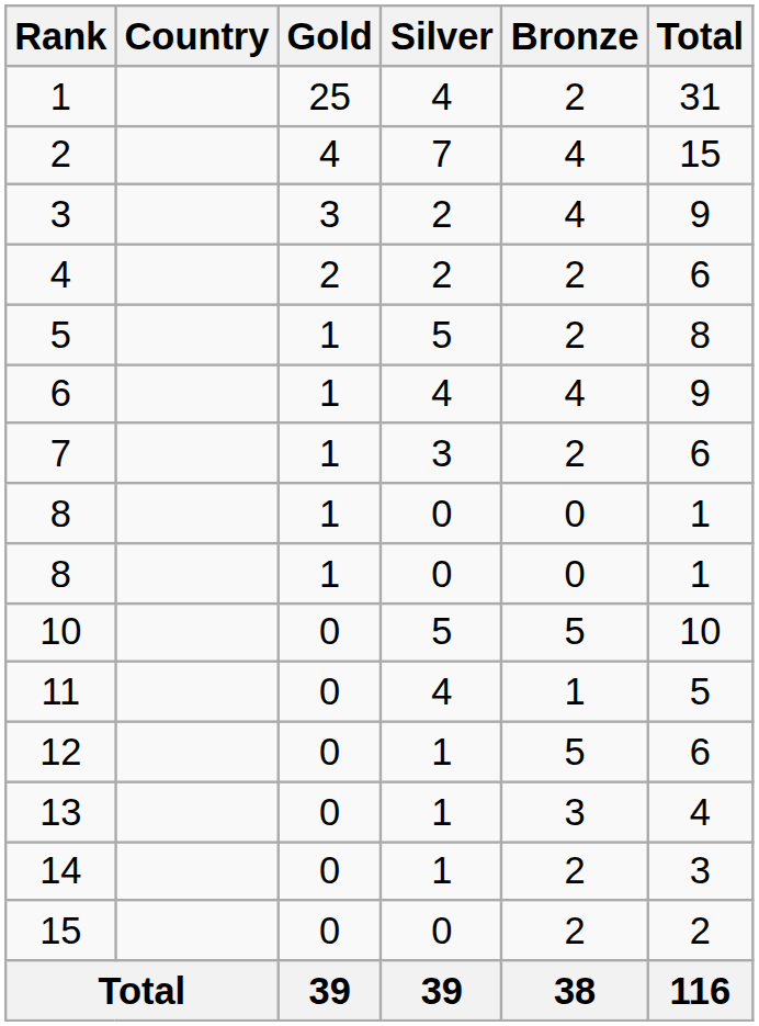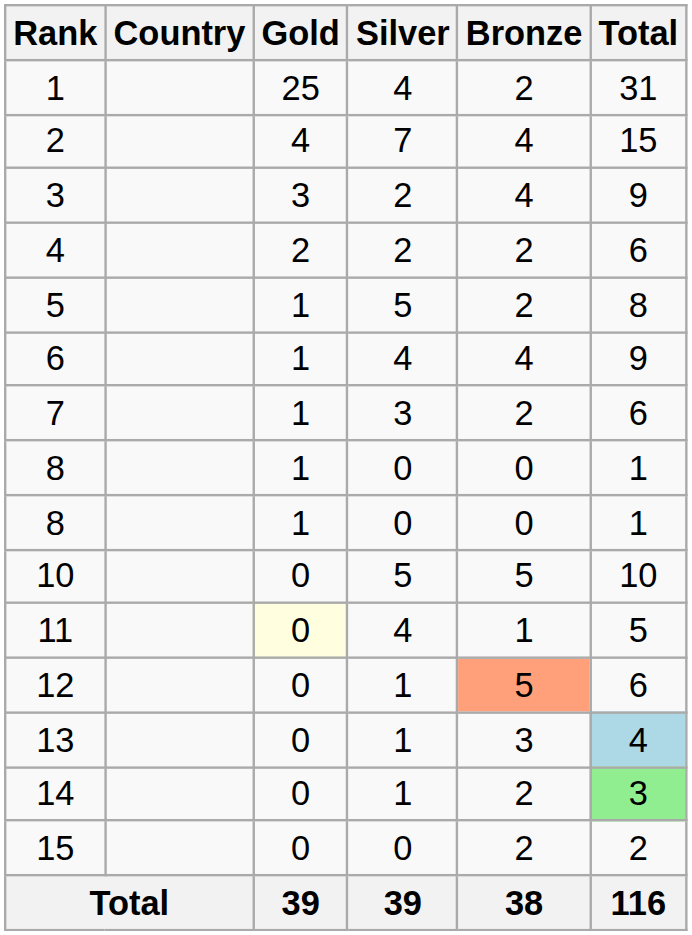 <table class="wikitable" style="font-size:90%; text-align:center">
 <tr>
 <th>Rank</th>
 <th>Country</th>
 <th>Gold </th>
 <th>Silver </th>
 <th>Bronze </th>
 <th>Total </th>
 </tr>
 <tr>
 <td>1</td>
 <td align=left></td>
 <td>25</td>
 <td>4</td>
 <td>2</td>
 <td>31</td>
 </tr>
 <tr>
 <td>2</td>
 <td align=left></td>
 <td>4</td>
 <td>7</td>
 <td>4</td>
 <td>15</td>
 </tr>
 <tr>
 <td>3</td>
 <td align=left></td>
 <td>3</td>
 <td>2</td>
 <td>4</td>
 <td>9</td>
 </tr>
 <tr>
 <td>4</td>
 <td align=left></td>
 <td>2</td>
 <td>2</td>
 <td>2</td>
 <td>6</td>
 </tr>
 <tr>
 <td>5</td>
 <td align=left></td>
 <td>1</td>
 <td>5</td>
 <td>2</td>
 <td>8</td>
 </tr>
 <tr>
 <td>6</td>
 <td align=left></td>
 <td>1</td>
 <td>4</td>
 <td>4</td>
 <td>9</td>
 </tr>
 <tr>
 <td>7</td>
 <td align=left></td>
 <td>1</td>
 <td>3</td>
 <td>2</td>
 <td>6</td>
 </tr>
 <tr>
 <td>8</td>
 <td align=left></td>
 <td>1</td>
 <td>0</td>
 <td>0</td>
 <td>1</td>
 </tr>
 <tr>
 <td>8</td>
 <td align=left></td>
 <td>1</td>
 <td>0</td>
 <td>0</td>
 <td>1</td>
 </tr>
 <tr>
 <td>10</td>
 <td align=left></td>
 <td>0</td>
 <td>5</td>
 <td>5</td>
 <td>10</td>
 </tr>
 <tr>
 <td>11</td>
 <td align=left></td>
-<td>0</td>
+<td style="background: lightyellow;">0</td>
 <td>4</td>
 <td>1</td>
 <td>5</td>
 </tr>
 <tr>
 <td>12</td>
 <td align=left></td>
 <td>0</td>
 <td>1</td>
-<td>5</td>
+<td style="background: lightsalmon;">5</td>
 <td>6</td>
 </tr>
 <tr>
 <td>13</td>
 <td align=left></td>
 <td>0</td>
 <td>1</td>
 <td>3</td>
-<td>4</td>
+<td style="background: lightblue;">4</td>
 </tr>
 <tr>
 <td>14</td>
 <td align=left></td>
 <td>0</td>
 <td>1</td>
 <td>2</td>
-<td>3</td>
+<td style="background: lightgreen;">3</td>
 </tr>
 <tr>
 <td>15</td>
 <td align=left></td>
 <td>0</td>
 <td>0</td>
 <td>2</td>
 <td>2</td>
 </tr>
 <tr>
 <th colspan=2>Total</th>
 <th>39</th>
 <th>39</th>
 <th>38</th>
 <th>116</th>
 </tr>
 </table>
